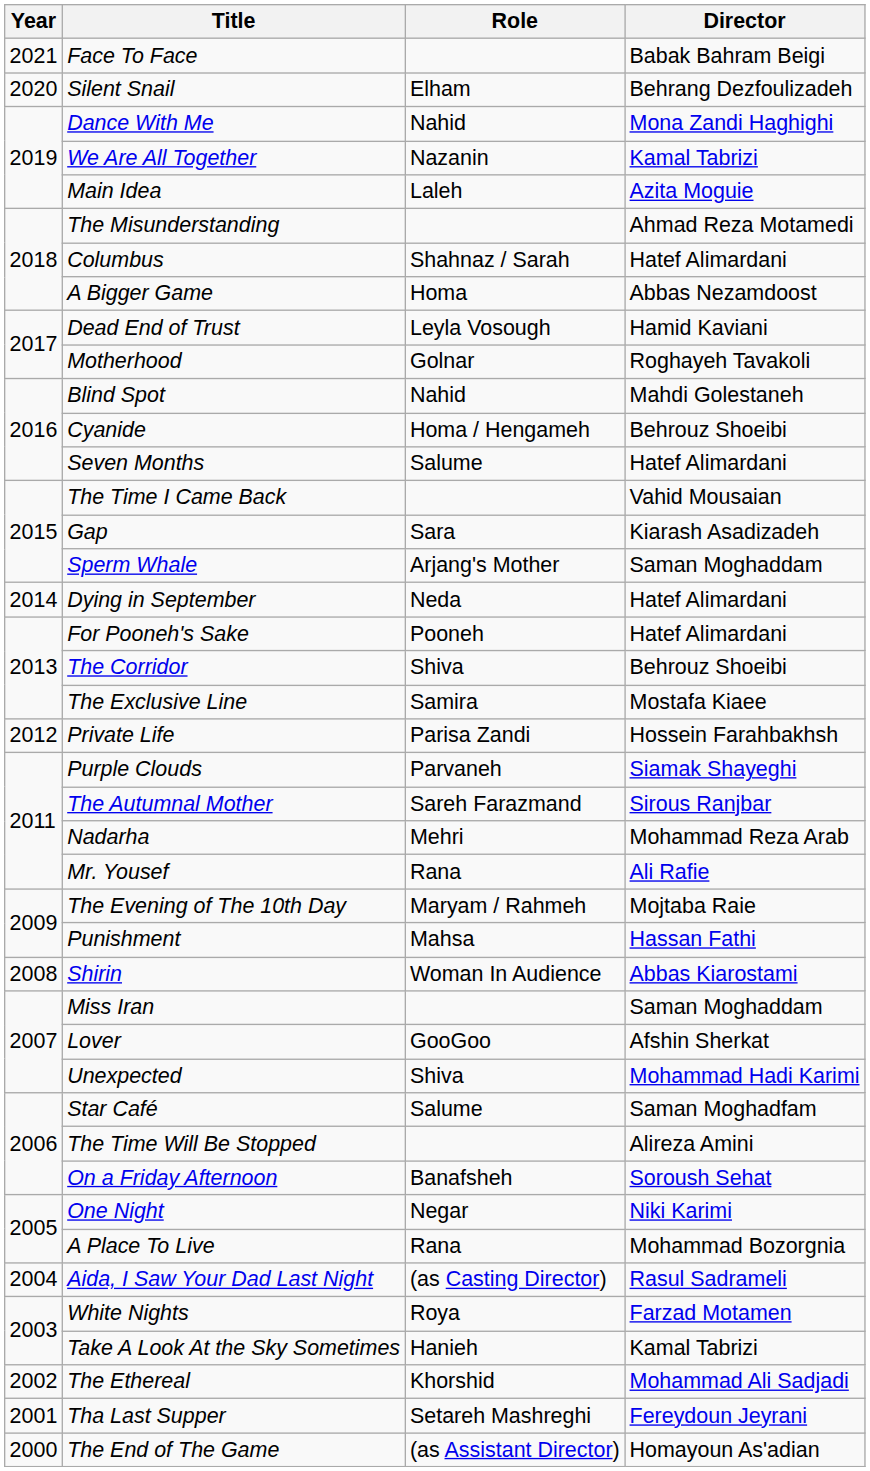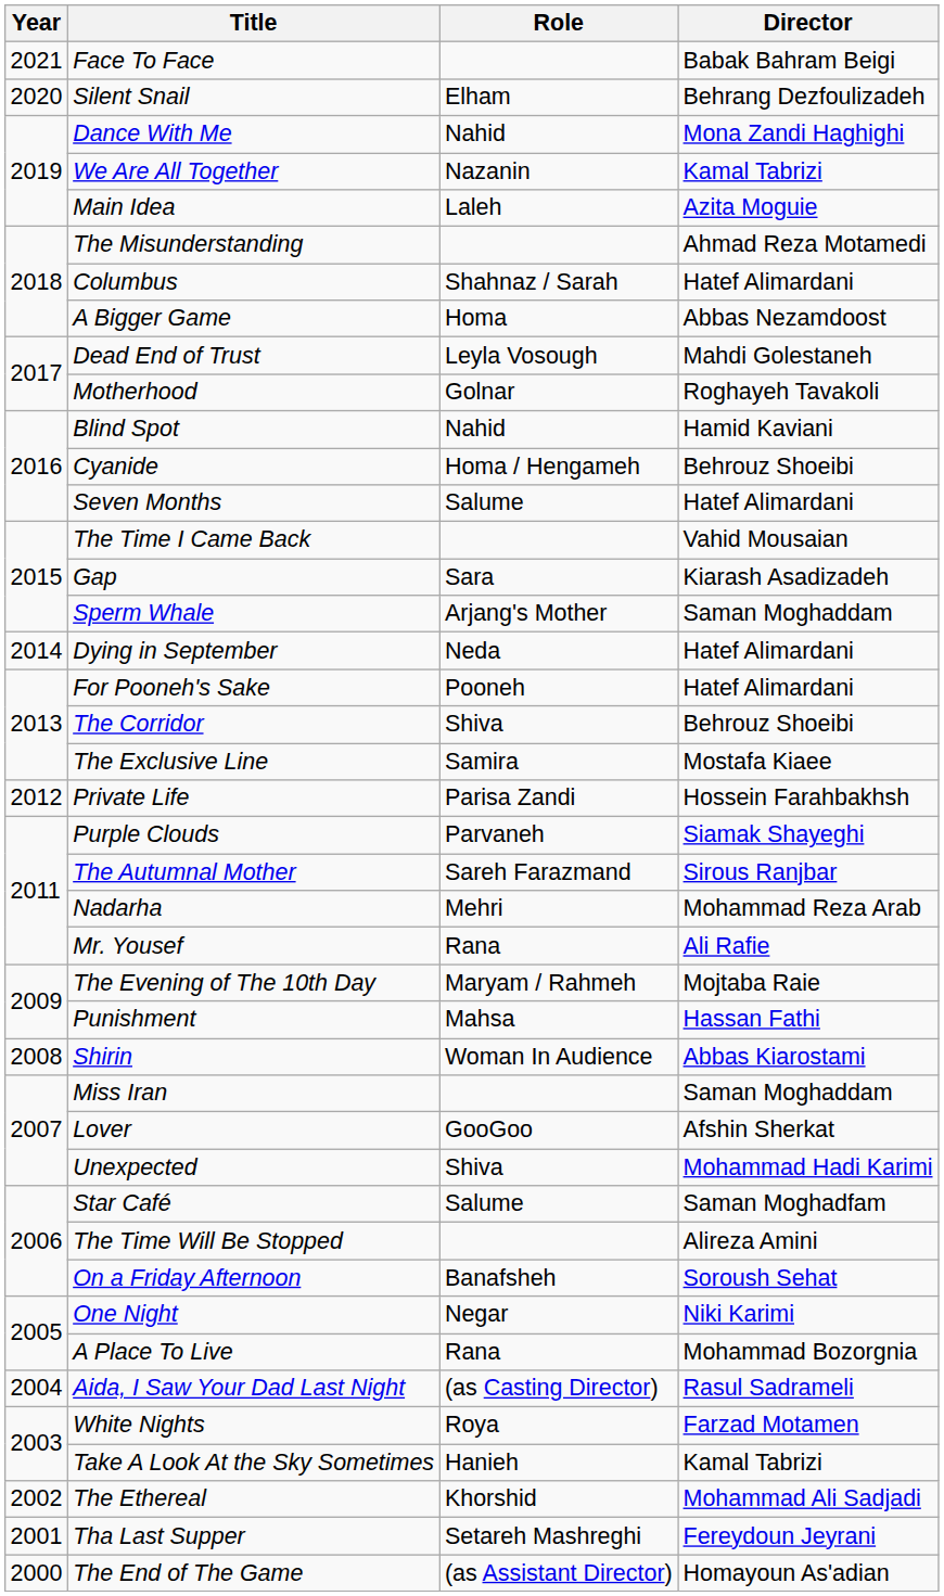 <table class="wikitable sortable">
 <tr>
 <th>Year</th>
 <th>Title</th>
 <th>Role</th>
 <th>Director</th>
 </tr>
 <tr>
 <td>2021</td>
 <td><em>Face To Face</em></td>
 <td></td>
 <td>Babak Bahram Beigi</td>
 </tr>
 <tr>
 <td>2020</td>
 <td><em>Silent Snail</em></td>
 <td>Elham</td>
 <td>Behrang Dezfoulizadeh</td>
 </tr>
 <tr>
 <td rowspan="3">2019</td>
 <td><em><a href='#'>Dance With Me</a></em></td>
 <td>Nahid</td>
 <td><a href='#'>Mona Zandi Haghighi</a></td>
 </tr>
 <tr>
 <td><em><a href='#'>We Are All Together</a></em></td>
 <td>Nazanin</td>
 <td><a href='#'>Kamal Tabrizi</a></td>
 </tr>
 <tr>
 <td><em>Main Idea</em></td>
 <td>Laleh</td>
 <td><a href='#'>Azita Moguie</a></td>
 </tr>
 <tr>
 <td rowspan="3">2018</td>
 <td><em>The Misunderstanding</em></td>
 <td></td>
 <td>Ahmad Reza Motamedi</td>
 </tr>
 <tr>
 <td><em>Columbus</em></td>
 <td>Shahnaz / Sarah</td>
 <td>Hatef Alimardani</td>
 </tr>
 <tr>
 <td><em>A Bigger Game</em></td>
 <td>Homa</td>
 <td>Abbas Nezamdoost</td>
 </tr>
 <tr>
 <td rowspan="2">2017</td>
 <td><em>Dead End of Trust</em></td>
 <td>Leyla Vosough</td>
-<td>Hamid Kaviani</td>
+<td>Mahdi Golestaneh</td>
 </tr>
 <tr>
 <td><em>Motherhood</em></td>
 <td>Golnar</td>
 <td>Roghayeh Tavakoli</td>
 </tr>
 <tr>
 <td rowspan="3">2016</td>
 <td><em>Blind Spot</em></td>
 <td>Nahid</td>
-<td>Mahdi Golestaneh</td>
+<td>Hamid Kaviani</td>
 </tr>
 <tr>
 <td><em>Cyanide</em></td>
 <td>Homa / Hengameh</td>
 <td>Behrouz Shoeibi</td>
 </tr>
 <tr>
 <td><em>Seven Months</em></td>
 <td>Salume</td>
 <td>Hatef Alimardani</td>
 </tr>
 <tr>
 <td rowspan="3">2015</td>
 <td><em>The Time I Came Back</em></td>
 <td></td>
 <td>Vahid Mousaian</td>
 </tr>
 <tr>
 <td><em>Gap</em></td>
 <td>Sara</td>
 <td>Kiarash Asadizadeh</td>
 </tr>
 <tr>
 <td><em><a href='#'>Sperm Whale</a></em></td>
 <td>Arjang's Mother</td>
 <td>Saman Moghaddam</td>
 </tr>
 <tr>
 <td>2014</td>
 <td><em>Dying in September</em></td>
 <td>Neda</td>
 <td>Hatef Alimardani</td>
 </tr>
 <tr>
 <td rowspan="3">2013</td>
 <td><em>For Pooneh's Sake</em></td>
 <td>Pooneh</td>
 <td>Hatef Alimardani</td>
 </tr>
 <tr>
 <td><em><a href='#'>The Corridor</a></em></td>
 <td>Shiva</td>
 <td>Behrouz Shoeibi</td>
 </tr>
 <tr>
 <td><em>The Exclusive Line</em></td>
 <td>Samira</td>
 <td>Mostafa Kiaee</td>
 </tr>
 <tr>
 <td>2012</td>
 <td><em>Private Life</em></td>
 <td>Parisa Zandi</td>
 <td>Hossein Farahbakhsh</td>
 </tr>
 <tr>
 <td rowspan="4">2011</td>
 <td><em>Purple Clouds</em></td>
 <td>Parvaneh</td>
 <td><a href='#'>Siamak Shayeghi</a></td>
 </tr>
 <tr>
 <td><em><a href='#'>The Autumnal Mother</a></em></td>
 <td>Sareh Farazmand</td>
 <td><a href='#'>Sirous Ranjbar</a></td>
 </tr>
 <tr>
 <td><em>Nadarha</em></td>
 <td>Mehri</td>
 <td>Mohammad Reza Arab</td>
 </tr>
 <tr>
 <td><em>Mr. Yousef</em></td>
 <td>Rana</td>
 <td><a href='#'>Ali Rafie</a></td>
 </tr>
 <tr>
 <td rowspan="2">2009</td>
 <td><em>The Evening of The 10th Day</em></td>
 <td>Maryam / Rahmeh</td>
 <td>Mojtaba Raie</td>
 </tr>
 <tr>
 <td><em>Punishment</em></td>
 <td>Mahsa</td>
 <td><a href='#'>Hassan Fathi</a></td>
 </tr>
 <tr>
 <td>2008</td>
 <td><a href='#'><em>Shirin</em></a></td>
 <td>Woman In Audience</td>
 <td><a href='#'>Abbas Kiarostami</a></td>
 </tr>
 <tr>
 <td rowspan="3">2007</td>
 <td><em>Miss Iran</em></td>
 <td></td>
 <td>Saman Moghaddam</td>
 </tr>
 <tr>
 <td><em>Lover</em></td>
 <td>GooGoo</td>
 <td>Afshin Sherkat</td>
 </tr>
 <tr>
 <td><em>Unexpected</em></td>
 <td>Shiva</td>
 <td><a href='#'>Mohammad Hadi Karimi</a></td>
 </tr>
 <tr>
 <td rowspan="3">2006</td>
 <td><em>Star Café</em></td>
 <td>Salume</td>
 <td>Saman Moghadfam</td>
 </tr>
 <tr>
 <td><em>The Time Will Be Stopped</em></td>
 <td></td>
 <td>Alireza Amini</td>
 </tr>
 <tr>
 <td><a href='#'><em>On a Friday Afternoon</em></a></td>
 <td>Banafsheh</td>
 <td><a href='#'>Soroush Sehat</a></td>
 </tr>
 <tr>
 <td rowspan="2">2005</td>
 <td><a href='#'><em>One Night</em></a></td>
 <td>Negar</td>
 <td><a href='#'>Niki Karimi</a></td>
 </tr>
 <tr>
 <td><em>A Place To Live</em></td>
 <td>Rana</td>
 <td>Mohammad Bozorgnia</td>
 </tr>
 <tr>
 <td>2004</td>
 <td><em><a href='#'>Aida, I Saw Your Dad Last Night</a></em></td>
 <td>(as <a href='#'>Casting Director</a>)</td>
 <td><a href='#'>Rasul Sadrameli</a></td>
 </tr>
 <tr>
 <td rowspan="2">2003</td>
 <td><em>White Nights</em></td>
 <td>Roya</td>
 <td><a href='#'>Farzad Motamen</a></td>
 </tr>
 <tr>
 <td><em>Take A Look At the Sky Sometimes</em></td>
 <td>Hanieh</td>
 <td>Kamal Tabrizi</td>
 </tr>
 <tr>
 <td>2002</td>
 <td><em>The Ethereal</em></td>
 <td>Khorshid</td>
 <td><a href='#'>Mohammad Ali Sadjadi</a></td>
 </tr>
 <tr>
 <td>2001</td>
 <td><em>Tha Last Supper</em></td>
 <td>Setareh Mashreghi</td>
 <td><a href='#'>Fereydoun Jeyrani</a></td>
 </tr>
 <tr>
 <td>2000</td>
 <td><em>The End of The Game</em></td>
 <td>(as <a href='#'>Assistant Director</a>)</td>
 <td>Homayoun As'adian</td>
 </tr>
 </table>
